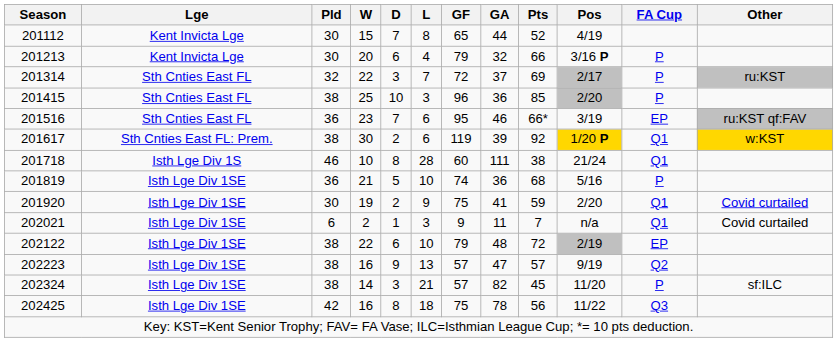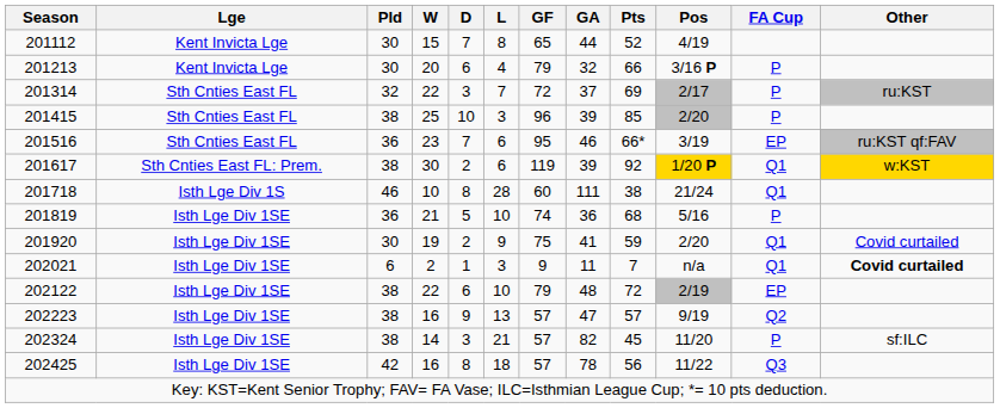 <table class="wikitable" style="width:80%; align:center; text-align:center">
 <tr>
 <th>Season</th>
 <th>Lge</th>
 <th>Pld</th>
 <th>W</th>
 <th>D</th>
 <th>L</th>
 <th>GF</th>
 <th>GA</th>
 <th>Pts</th>
 <th>Pos</th>
 <th><a href='#'>FA Cup</a></th>
 <th>Other</th>
 </tr>
 <tr>
 <td>201112</td>
 <td><a href='#'>Kent Invicta Lge</a></td>
 <td>30</td>
 <td>15</td>
 <td>7</td>
 <td>8</td>
 <td>65</td>
 <td>44</td>
 <td>52</td>
 <td>4/19</td>
 <td></td>
 <td></td>
 </tr>
 <tr>
 <td>201213</td>
 <td><a href='#'>Kent Invicta Lge</a></td>
 <td>30</td>
 <td>20</td>
 <td>6</td>
 <td>4</td>
 <td>79</td>
 <td>32</td>
 <td>66</td>
 <td>3/16 <strong>P</strong></td>
 <td><a href='#'>P</a></td>
 <td></td>
 </tr>
 <tr>
 <td>201314</td>
 <td><a href='#'>Sth Cnties East FL</a></td>
 <td>32</td>
 <td>22</td>
 <td>3</td>
 <td>7</td>
 <td>72</td>
 <td>37</td>
 <td>69</td>
 <td bgcolor=silver>2/17</td>
 <td><a href='#'>P</a></td>
 <td bgcolor=silver>ru:KST</td>
 </tr>
 <tr>
 <td>201415</td>
 <td><a href='#'>Sth Cnties East FL</a></td>
 <td>38</td>
 <td>25</td>
 <td>10</td>
 <td>3</td>
 <td>96</td>
-<td>36</td>
+<td>39</td>
 <td>85</td>
 <td bgcolor=silver>2/20</td>
 <td><a href='#'>P</a></td>
 <td></td>
 </tr>
 <tr>
 <td>201516</td>
 <td><a href='#'>Sth Cnties East FL</a></td>
 <td>36</td>
 <td>23</td>
 <td>7</td>
 <td>6</td>
 <td>95</td>
 <td>46</td>
 <td>66*</td>
 <td>3/19</td>
 <td><a href='#'>EP</a></td>
 <td bgcolor=silver>ru:KST qf:FAV</td>
 </tr>
 <tr>
 <td>201617</td>
 <td><a href='#'>Sth Cnties East FL: Prem.</a></td>
 <td>38</td>
 <td>30</td>
 <td>2</td>
 <td>6</td>
 <td>119</td>
 <td>39</td>
 <td>92</td>
 <td bgcolor=gold>1/20 <strong>P</strong></td>
 <td><a href='#'>Q1</a></td>
 <td bgcolor=gold>w:KST</td>
 </tr>
 <tr>
 <td>201718</td>
 <td><a href='#'>Isth Lge Div 1S</a></td>
 <td>46</td>
 <td>10</td>
 <td>8</td>
 <td>28</td>
 <td>60</td>
 <td>111</td>
 <td>38</td>
 <td>21/24</td>
 <td><a href='#'>Q1</a></td>
 <td></td>
 </tr>
 <tr>
 <td>201819</td>
 <td><a href='#'>Isth Lge Div 1SE</a></td>
 <td>36</td>
 <td>21</td>
 <td>5</td>
 <td>10</td>
 <td>74</td>
 <td>36</td>
 <td>68</td>
 <td>5/16</td>
 <td><a href='#'>P</a></td>
 <td></td>
 </tr>
 <tr>
 <td>201920</td>
 <td><a href='#'>Isth Lge Div 1SE</a></td>
 <td>30</td>
 <td>19</td>
 <td>2</td>
 <td>9</td>
 <td>75</td>
 <td>41</td>
 <td>59</td>
 <td>2/20</td>
 <td><a href='#'>Q1</a></td>
 <td><a href='#'>Covid curtailed</a></td>
 </tr>
 <tr>
 <td>202021</td>
 <td><a href='#'>Isth Lge Div 1SE</a></td>
 <td>6</td>
 <td>2</td>
 <td>1</td>
 <td>3</td>
 <td>9</td>
 <td>11</td>
 <td>7</td>
 <td>n/a</td>
 <td><a href='#'>Q1</a></td>
-<td>Covid curtailed</td>
+<td><strong>Covid curtailed</strong></td>
 </tr>
 <tr>
 <td>202122</td>
 <td><a href='#'>Isth Lge Div 1SE</a></td>
 <td>38</td>
 <td>22</td>
 <td>6</td>
 <td>10</td>
 <td>79</td>
 <td>48</td>
 <td>72</td>
 <td bgcolor=silver>2/19</td>
 <td><a href='#'>EP</a></td>
 <td></td>
 </tr>
 <tr>
 <td>202223</td>
 <td><a href='#'>Isth Lge Div 1SE</a></td>
 <td>38</td>
 <td>16</td>
 <td>9</td>
 <td>13</td>
 <td>57</td>
 <td>47</td>
 <td>57</td>
 <td>9/19</td>
 <td><a href='#'>Q2</a></td>
 <td></td>
 </tr>
 <tr>
 <td>202324</td>
 <td><a href='#'>Isth Lge Div 1SE</a></td>
 <td>38</td>
 <td>14</td>
 <td>3</td>
 <td>21</td>
 <td>57</td>
 <td>82</td>
 <td>45</td>
 <td>11/20</td>
 <td><a href='#'>P</a></td>
 <td>sf:ILC</td>
 </tr>
 <tr>
 <td>202425</td>
 <td><a href='#'>Isth Lge Div 1SE</a></td>
 <td>42</td>
 <td>16</td>
 <td>8</td>
 <td>18</td>
-<td>75</td>
+<td>57</td>
 <td>78</td>
 <td>56</td>
 <td>11/22</td>
 <td><a href='#'>Q3</a></td>
 <td></td>
 </tr>
 <tr>
 <td colspan="12">Key: KST=Kent Senior Trophy; FAV= FA Vase; ILC=Isthmian League Cup; *= 10 pts deduction.</td>
 </tr>
 </table>
